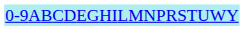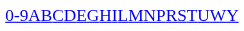 <table id="toc" class="toc" summary="Class">
 <tr>
 <th></th>
 </tr>
 <tr>
-<td style="background: paleturquoise; text-align:center;"><a href='#'>0-9</a><a href='#'>A</a><a href='#'>B</a><a href='#'>C</a><a href='#'>D</a><a href='#'>E</a><a href='#'>G</a><a href='#'>H</a><a href='#'>I</a><a href='#'>L</a><a href='#'>M</a><a href='#'>N</a><a href='#'>P</a><a href='#'>R</a><a href='#'>S</a><a href='#'>T</a><a href='#'>U</a><a href='#'>W</a><a href='#'>Y</a></td>
+<td style="text-align:center;"><a href='#'>0-9</a><a href='#'>A</a><a href='#'>B</a><a href='#'>C</a><a href='#'>D</a><a href='#'>E</a><a href='#'>G</a><a href='#'>H</a><a href='#'>I</a><a href='#'>L</a><a href='#'>M</a><a href='#'>N</a><a href='#'>P</a><a href='#'>R</a><a href='#'>S</a><a href='#'>T</a><a href='#'>U</a><a href='#'>W</a><a href='#'>Y</a></td>
 </tr>
 </table>
